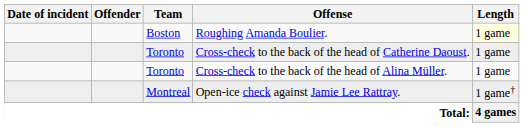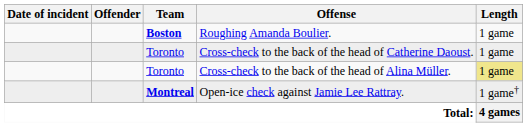 <table class="wikitable sortable" style="border:0;">
 <tr>
 <th>Date of incident</th>
 <th>Offender</th>
 <th>Team</th>
 <th>Offense</th>
 <th>Length</th>
 </tr>
 <tr>
 <td></td>
 <td></td>
-<td><a href='#'>Boston</a></td>
+<td><strong><a href='#'>Boston</a></strong></td>
 <td><a href='#'>Roughing</a> <a href='#'>Amanda Boulier</a>.</td>
-<td data-sort-value="1" style="background: lightyellow;">1 game</td>
+<td data-sort-value="1">1 game</td>
 </tr>
 <tr bgcolor="eeeeee">
 <td></td>
 <td></td>
 <td><a href='#'>Toronto</a></td>
 <td><a href='#'>Cross-check</a> to the back of the head of <a href='#'>Catherine Daoust</a>.</td>
 <td data-sort-value="1">1 game</td>
 </tr>
 <tr>
 <td></td>
 <td></td>
 <td><a href='#'>Toronto</a></td>
 <td><a href='#'>Cross-check</a> to the back of the head of <a href='#'>Alina Müller</a>.</td>
-<td data-sort-value="1">1 game</td>
+<td data-sort-value="1" style="background: khaki;">1 game</td>
 </tr>
 <tr bgcolor="eeeeee">
 <td></td>
 <td></td>
-<td><a href='#'>Montreal</a></td>
+<td><strong><a href='#'>Montreal</a></strong></td>
 <td>Open-ice <a href='#'>check</a> against <a href='#'>Jamie Lee Rattray</a>.</td>
 <td data-sort-value="1">1 game<sup>†</sup></td>
 </tr>
 <tr>
 <th colspan="4" style="text-align:right; border:0; background:#fff;">Total:</th>
 <th>4 games</th>
 </tr>
 </table>
